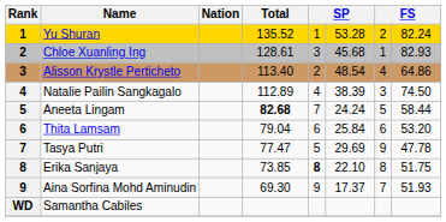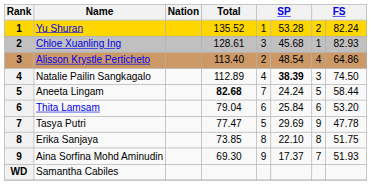 <table class="wikitable sortable">
 <tr>
 <th>Rank</th>
 <th>Name</th>
 <th>Nation</th>
 <th width="80px">Total</th>
 <th colspan="2" width="80px"><a href='#'>SP</a></th>
 <th colspan="2" width="80px"><a href='#'>FS</a></th>
 </tr>
 <tr bgcolor="gold">
 <td align="center"><strong>1</strong></td>
 <td><a href='#'>Yu Shuran</a></td>
 <td></td>
 <td align="center">135.52</td>
 <td align="center">1</td>
 <td align="center">53.28</td>
 <td align="center">2</td>
 <td align="center">82.24</td>
 </tr>
 <tr bgcolor="silver">
 <td align="center"><strong>2</strong></td>
 <td><a href='#'>Chloe Xuanling Ing</a></td>
 <td></td>
 <td align="center">128.61</td>
 <td align="center">3</td>
 <td align="center">45.68</td>
 <td align="center">1</td>
 <td align="center">82.93</td>
 </tr>
 <tr bgcolor="cc9966">
 <td align="center"><strong>3</strong></td>
 <td><a href='#'>Alisson Krystle Perticheto</a></td>
 <td></td>
 <td align="center">113.40</td>
 <td align="center">2</td>
 <td align="center">48.54</td>
 <td align="center">4</td>
 <td align="center">64.86</td>
 </tr>
 <tr>
 <th>4</th>
 <td>Natalie Pailin Sangkagalo</td>
 <td></td>
 <td align="center">112.89</td>
 <td align="center">4</td>
-<td align="center">38.39</td>
+<td align="center"><strong>38.39</strong></td>
 <td align="center">3</td>
 <td align="center">74.50</td>
 </tr>
 <tr>
 <th>5</th>
 <td>Aneeta Lingam</td>
 <td></td>
 <td align="center"><strong>82.68</strong></td>
 <td align="center">7</td>
 <td align="center">24.24</td>
 <td align="center">5</td>
 <td align="center">58.44</td>
 </tr>
 <tr>
 <th>6</th>
 <td><a href='#'>Thita Lamsam</a></td>
 <td></td>
 <td align="center">79.04</td>
 <td align="center">6</td>
 <td align="center">25.84</td>
 <td align="center">6</td>
 <td align="center">53.20</td>
 </tr>
 <tr>
 <th>7</th>
 <td>Tasya Putri</td>
 <td></td>
 <td align="center">77.47</td>
 <td align="center">5</td>
 <td align="center">29.69</td>
 <td align="center">9</td>
 <td align="center">47.78</td>
 </tr>
 <tr>
 <th>8</th>
 <td>Erika Sanjaya</td>
 <td></td>
 <td align="center">73.85</td>
-<td align="center"><strong>8</strong></td>
+<td align="center">8</td>
 <td align="center">22.10</td>
 <td align="center">8</td>
 <td align="center">51.75</td>
 </tr>
 <tr>
 <th>9</th>
 <td>Aina Sorfina Mohd Aminudin</td>
 <td></td>
 <td align="center">69.30</td>
 <td align="center">9</td>
 <td align="center">17.37</td>
 <td align="center">7</td>
 <td align="center">51.93</td>
 </tr>
 <tr>
 <th>WD</th>
 <td>Samantha Cabiles</td>
 <td></td>
 <td></td>
 <td></td>
 <td></td>
 <td></td>
 <td></td>
 </tr>
 <tr>
 </tr>
 </table>
